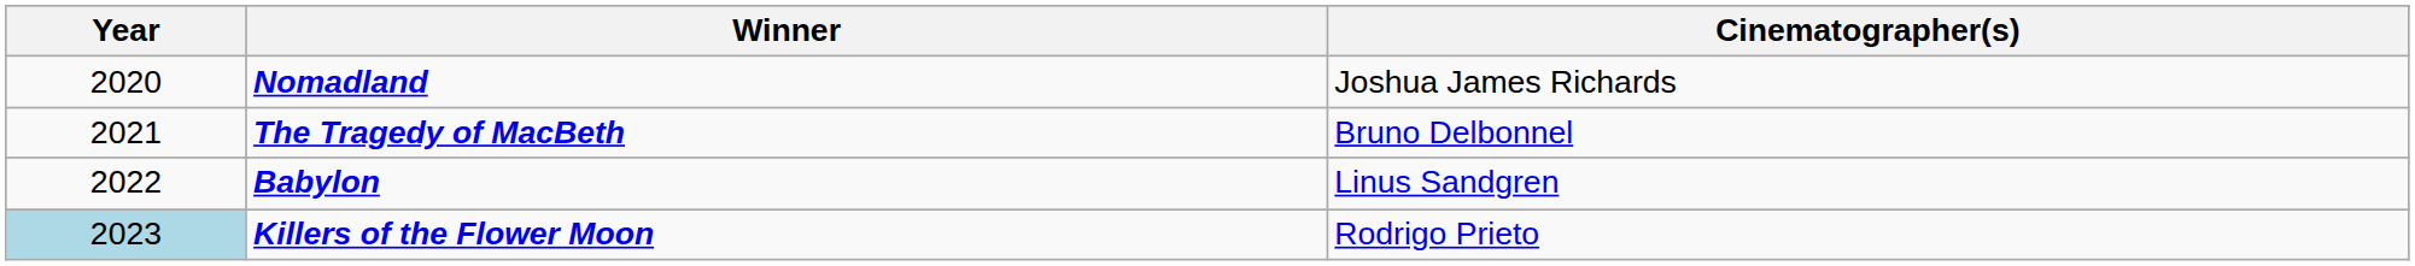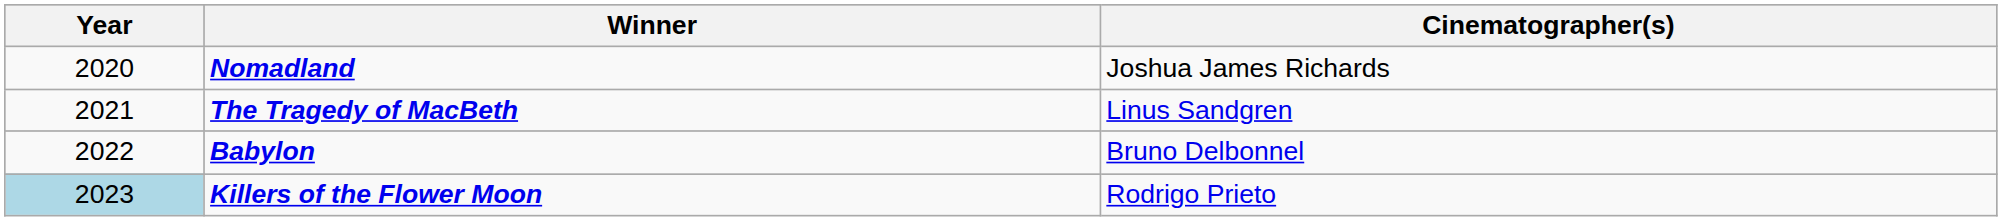 <table class="wikitable" width="95%" cellpadding="5">
 <tr>
 <th width="10%">Year</th>
 <th width="45%">Winner</th>
 <th width="45%">Cinematographer(s)</th>
 </tr>
 <tr>
 <td align="center">2020</td>
 <td><strong><em><a href='#'>Nomadland</a></em></strong></td>
 <td>Joshua James Richards</td>
 </tr>
 <tr>
 <td style="text-align:center">2021</td>
 <td><strong><em><a href='#'>The Tragedy of MacBeth</a></em></strong></td>
-<td><a href='#'>Bruno Delbonnel</a></td>
+<td><a href='#'>Linus Sandgren</a></td>
 </tr>
 <tr>
 <td style="text-align:center">2022</td>
 <td><strong><em><a href='#'>Babylon</a></em></strong></td>
-<td><a href='#'>Linus Sandgren</a></td>
+<td><a href='#'>Bruno Delbonnel</a></td>
 </tr>
 <tr>
 <td style="background: lightblue; text-align:center">2023</td>
 <td><strong><em><a href='#'>Killers of the Flower Moon</a></em></strong></td>
 <td><a href='#'>Rodrigo Prieto</a></td>
 </tr>
 </table>
